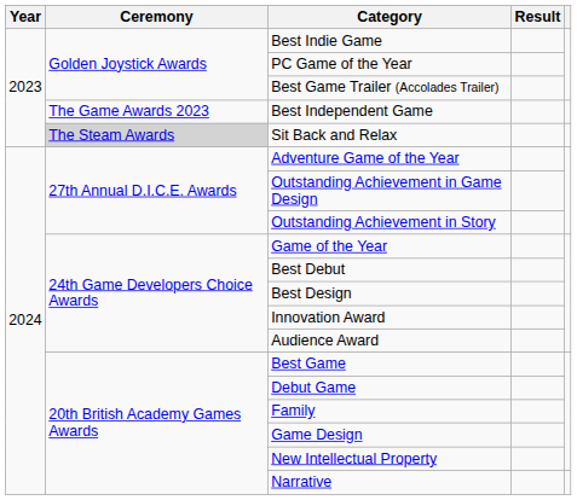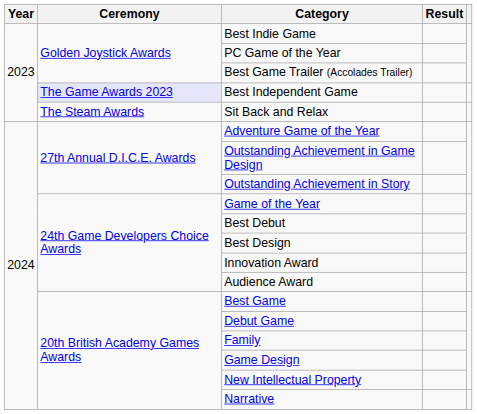 <table class="wikitable plainrowheaders sortable" width="auto">
 <tr>
 <th scope="col">Year</th>
 <th scope="col">Ceremony</th>
 <th scope="col">Category</th>
 <th scope="col">Result</th>
 <th scope="col" class="unsortable"></th>
 </tr>
 <tr>
 <td rowspan="5" style="text-align:center;">2023</td>
 <td rowspan="3"><a href='#'>Golden Joystick Awards</a></td>
 <td>Best Indie Game</td>
 <td></td>
 <td style="text-align:center;" rowspan="3"></td>
 </tr>
 <tr>
 <td>PC Game of the Year</td>
 <td></td>
 </tr>
 <tr>
 <td>Best Game Trailer <small>(Accolades Trailer)</small></td>
 <td></td>
 </tr>
 <tr>
-<td><a href='#'>The Game Awards 2023</a></td>
+<td style="background: lavender;"><a href='#'>The Game Awards 2023</a></td>
 <td>Best Independent Game</td>
 <td></td>
 <td style="text-align:center;"></td>
 </tr>
 <tr>
-<td style="background: lightgrey;"><a href='#'>The Steam Awards</a></td>
+<td><a href='#'>The Steam Awards</a></td>
 <td>Sit Back and Relax</td>
 <td></td>
 <td style="text-align:center;"></td>
 </tr>
 <tr>
 <td rowspan="14" style="text-align:center;">2024</td>
 <td rowspan="3"><a href='#'>27th Annual D.I.C.E. Awards</a></td>
 <td><a href='#'>Adventure Game of the Year</a></td>
 <td></td>
 <td style="text-align:center;" rowspan="3"></td>
 </tr>
 <tr>
 <td><a href='#'>Outstanding Achievement in Game Design</a></td>
 <td></td>
 </tr>
 <tr>
 <td><a href='#'>Outstanding Achievement in Story</a></td>
 <td></td>
 </tr>
 <tr>
 <td rowspan="5"><a href='#'>24th Game Developers Choice Awards</a></td>
 <td><a href='#'>Game of the Year</a></td>
 <td></td>
 <td style="text-align:center;" rowspan="5"></td>
 </tr>
 <tr>
 <td>Best Debut</td>
 <td></td>
 </tr>
 <tr>
 <td>Best Design</td>
 <td></td>
 </tr>
 <tr>
 <td>Innovation Award</td>
 <td></td>
 </tr>
 <tr>
 <td>Audience Award</td>
 <td></td>
 </tr>
 <tr>
 <td rowspan="6"><a href='#'>20th British Academy Games Awards</a></td>
 <td><a href='#'>Best Game</a></td>
 <td></td>
 <td style="text-align:center;" rowspan="5"></td>
 </tr>
 <tr>
 <td><a href='#'>Debut Game</a></td>
 <td></td>
 </tr>
 <tr>
 <td><a href='#'>Family</a></td>
 <td></td>
 </tr>
 <tr>
 <td><a href='#'>Game Design</a></td>
 <td></td>
 </tr>
 <tr>
 <td><a href='#'>New Intellectual Property</a></td>
 <td></td>
 </tr>
 <tr>
 <td><a href='#'>Narrative</a></td>
 <td></td>
 <td style="text-align:center;"></td>
 </tr>
 </table>
